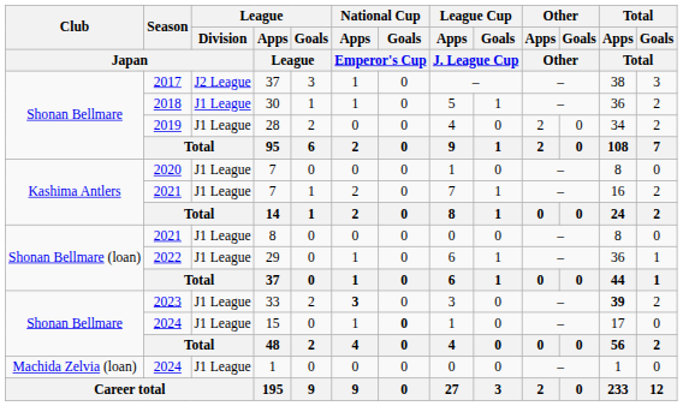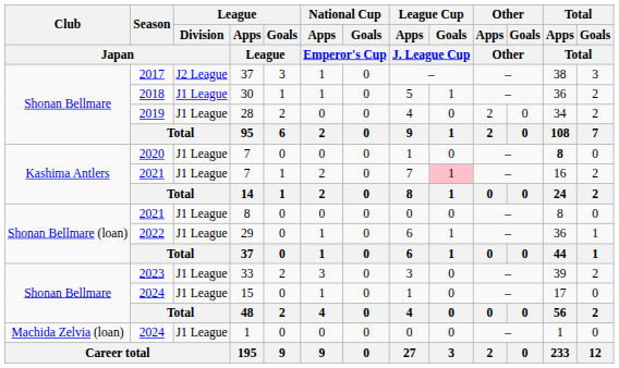 <table class="wikitable" style="text-align:center">
 <tr>
 <th rowspan=2>Club</th>
 <th rowspan=2>Season</th>
 <th colspan=3>League</th>
 <th colspan=2>National Cup</th>
 <th colspan=2>League Cup</th>
 <th colspan=2>Other</th>
 <th colspan=2>Total</th>
 </tr>
 <tr>
 <th>Division</th>
 <th>Apps</th>
 <th>Goals</th>
 <th>Apps</th>
 <th>Goals</th>
 <th>Apps</th>
 <th>Goals</th>
 <th>Apps</th>
 <th>Goals</th>
 <th>Apps</th>
 <th>Goals</th>
 </tr>
 <tr>
 <th colspan=3>Japan</th>
 <th colspan=2>League</th>
 <th colspan=2><a href='#'>Emperor's Cup</a></th>
 <th colspan=2><a href='#'>J. League Cup</a></th>
 <th colspan=2>Other</th>
 <th colspan=2>Total</th>
 </tr>
 <tr>
 <td rowspan="4"><a href='#'>Shonan Bellmare</a></td>
 <td><a href='#'>2017</a></td>
 <td><a href='#'>J2 League</a></td>
 <td>37</td>
 <td>3</td>
 <td>1</td>
 <td>0</td>
 <td colspan="2">–</td>
 <td colspan="2">–</td>
 <td>38</td>
 <td>3</td>
 </tr>
 <tr>
 <td><a href='#'>2018</a></td>
 <td><a href='#'>J1 League</a></td>
 <td>30</td>
 <td>1</td>
 <td>1</td>
 <td>0</td>
 <td>5</td>
 <td>1</td>
 <td colspan="2">–</td>
 <td>36</td>
 <td>2</td>
 </tr>
 <tr>
 <td><a href='#'>2019</a></td>
 <td>J1 League</td>
 <td>28</td>
 <td>2</td>
 <td>0</td>
 <td>0</td>
 <td>4</td>
 <td>0</td>
 <td>2</td>
 <td>0</td>
 <td>34</td>
 <td>2</td>
 </tr>
 <tr>
 <th colspan="2">Total</th>
 <th>95</th>
 <th>6</th>
 <th>2</th>
 <th>0</th>
 <th>9</th>
 <th>1</th>
 <th>2</th>
 <th>0</th>
 <th>108</th>
 <th>7</th>
 </tr>
 <tr>
 <td rowspan="3"><a href='#'>Kashima Antlers</a></td>
 <td><a href='#'>2020</a></td>
 <td>J1 League</td>
 <td>7</td>
 <td>0</td>
 <td>0</td>
 <td>0</td>
 <td>1</td>
 <td>0</td>
 <td colspan="2">–</td>
-<td>8</td>
+<td><strong>8</strong></td>
 <td>0</td>
 </tr>
 <tr>
 <td><a href='#'>2021</a></td>
 <td>J1 League</td>
 <td>7</td>
 <td>1</td>
 <td>2</td>
 <td>0</td>
 <td>7</td>
-<td>1</td>
+<td style="background: pink;">1</td>
 <td colspan="2">–</td>
 <td>16</td>
 <td>2</td>
 </tr>
 <tr>
 <th colspan="2">Total</th>
 <th>14</th>
 <th>1</th>
 <th>2</th>
 <th>0</th>
 <th>8</th>
 <th>1</th>
 <th>0</th>
 <th>0</th>
 <th>24</th>
 <th>2</th>
 </tr>
 <tr>
 <td rowspan="3"><a href='#'>Shonan Bellmare</a> (loan)</td>
 <td><a href='#'>2021</a></td>
 <td>J1 League</td>
 <td>8</td>
 <td>0</td>
 <td>0</td>
 <td>0</td>
 <td>0</td>
 <td>0</td>
 <td colspan="2">–</td>
 <td>8</td>
 <td>0</td>
 </tr>
 <tr>
 <td><a href='#'>2022</a></td>
 <td>J1 League</td>
 <td>29</td>
 <td>0</td>
 <td>1</td>
 <td>0</td>
 <td>6</td>
 <td>1</td>
 <td colspan="2">–</td>
 <td>36</td>
 <td>1</td>
 </tr>
 <tr>
 <th colspan="2">Total</th>
 <th>37</th>
 <th>0</th>
 <th>1</th>
 <th>0</th>
 <th>6</th>
 <th>1</th>
 <th>0</th>
 <th>0</th>
 <th>44</th>
 <th>1</th>
 </tr>
 <tr>
 <td rowspan="3"><a href='#'>Shonan Bellmare</a></td>
 <td><a href='#'>2023</a></td>
 <td>J1 League</td>
 <td>33</td>
 <td>2</td>
-<td><strong>3</strong></td>
+<td>3</td>
 <td>0</td>
 <td>3</td>
 <td>0</td>
 <td colspan="2">–</td>
-<td><strong>39</strong></td>
+<td>39</td>
 <td>2</td>
 </tr>
 <tr>
 <td><a href='#'>2024</a></td>
 <td>J1 League</td>
 <td>15</td>
 <td>0</td>
 <td>1</td>
-<td><strong>0</strong></td>
+<td>0</td>
 <td>1</td>
 <td>0</td>
 <td colspan="2">–</td>
 <td>17</td>
 <td>0</td>
 </tr>
 <tr>
 <th colspan="2">Total</th>
 <th>48</th>
 <th>2</th>
 <th>4</th>
 <th>0</th>
 <th>4</th>
 <th>0</th>
 <th>0</th>
 <th>0</th>
 <th>56</th>
 <th>2</th>
 </tr>
 <tr>
 <td><a href='#'>Machida Zelvia</a> (loan)</td>
 <td><a href='#'>2024</a></td>
 <td>J1 League</td>
 <td>1</td>
 <td>0</td>
 <td>0</td>
 <td>0</td>
 <td>0</td>
 <td>0</td>
 <td colspan="2">–</td>
 <td>1</td>
 <td>0</td>
 </tr>
 <tr>
 <th colspan=3>Career total</th>
 <th>195</th>
 <th>9</th>
 <th>9</th>
 <th>0</th>
 <th>27</th>
 <th>3</th>
 <th>2</th>
 <th>0</th>
 <th>233</th>
 <th>12</th>
 </tr>
 </table>
